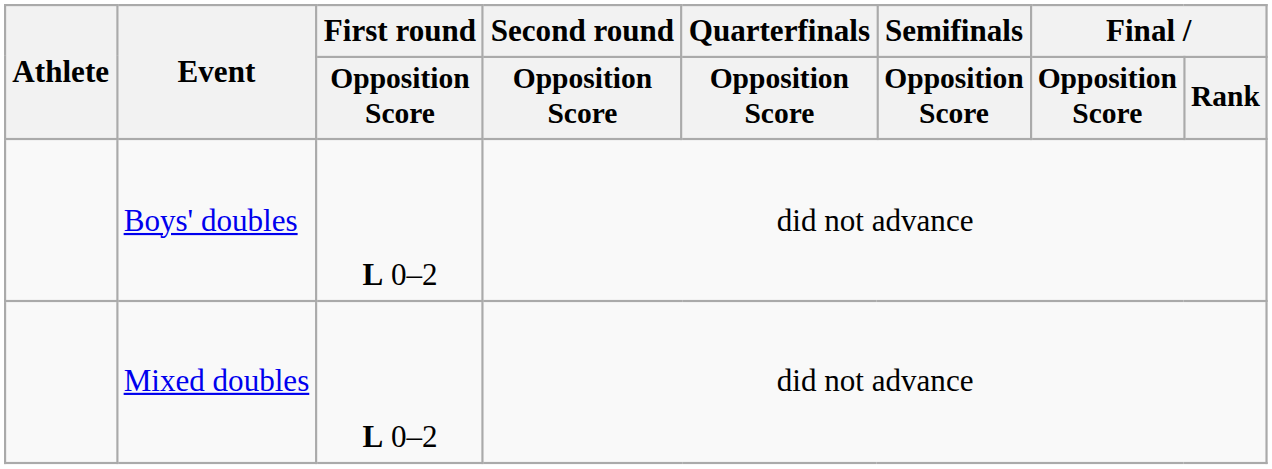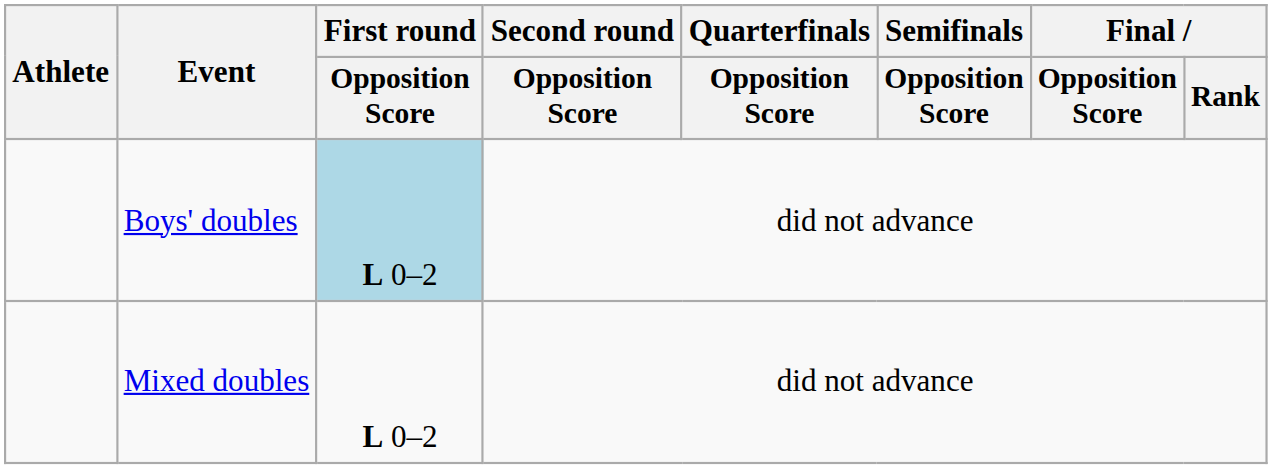 <table class=wikitable style="font-size:90%">
 <tr>
 <th rowspan="2">Athlete</th>
 <th rowspan="2">Event</th>
 <th>First round</th>
 <th>Second round</th>
 <th>Quarterfinals</th>
 <th>Semifinals</th>
 <th colspan=2>Final / </th>
 </tr>
 <tr style="font-size:95%">
 <th>Opposition<br>Score</th>
 <th>Opposition<br>Score</th>
 <th>Opposition<br>Score</th>
 <th>Opposition<br>Score</th>
 <th>Opposition<br>Score</th>
 <th>Rank</th>
 </tr>
 <tr align=center>
 <td align=left><strong></strong><br><br></td>
 <td align=left><a href='#'>Boys' doubles</a></td>
-<td><strong></strong><br><br><br> <strong>L</strong> 0–2</td>
+<td style="background: lightblue;"><strong></strong><br><br><br> <strong>L</strong> 0–2</td>
 <td colspan=5>did not advance</td>
 </tr>
 <tr align=center>
 <td align=left><strong></strong><br><br></td>
 <td align=left><a href='#'>Mixed doubles</a></td>
 <td><strong></strong><br><br><br> <strong>L</strong> 0–2</td>
 <td colspan=5>did not advance</td>
 </tr>
 </table>
